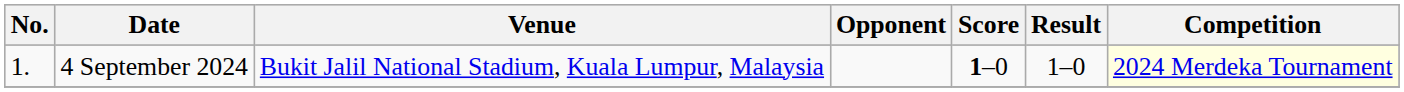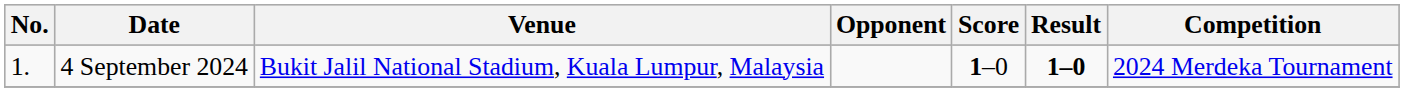 <table class="wikitable">
 <tr>
 <th>No.</th>
 <th>Date</th>
 <th>Venue</th>
 <th>Opponent</th>
 <th>Score</th>
 <th>Result</th>
 <th>Competition</th>
 </tr>
 <tr>
 <td>1.</td>
 <td>4 September 2024</td>
 <td><a href='#'>Bukit Jalil National Stadium</a>, <a href='#'>Kuala Lumpur</a>, <a href='#'>Malaysia</a></td>
 <td></td>
 <td align=center><strong>1</strong>–0</td>
-<td align=center>1–0</td>
-<td style="background: lightyellow;"><a href='#'>2024 Merdeka Tournament</a></td>
+<td align=center><strong>1–0</strong></td>
+<td><a href='#'>2024 Merdeka Tournament</a></td>
 </tr>
 <tr>
 </tr>
 </table>
